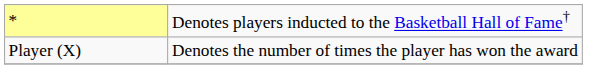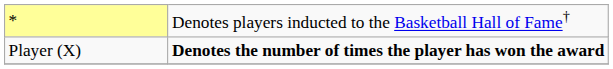 <table class="wikitable">
 <tr>
 <td style="background-color:#FFFF99; border:1px solid #aaaaaa; width:9em">*</td>
 <td>Denotes players inducted to the <a href='#'>Basketball Hall of Fame</a><sup>†</sup></td>
 </tr>
 <tr>
 <td>Player (X)</td>
-<td>Denotes the number of times the player has won the award</td>
+<td><strong>Denotes the number of times the player has won the award</strong></td>
 </tr>
 <tr>
 </tr>
 </table>
